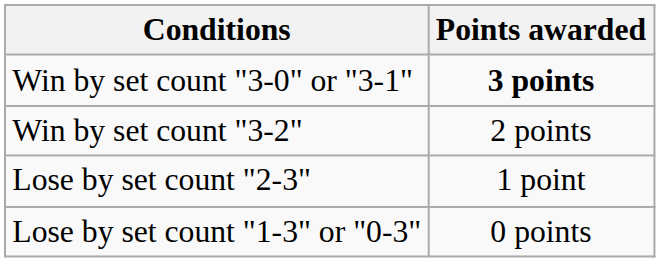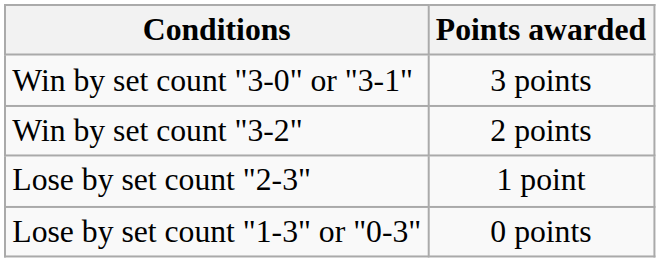 <table class="wikitable">
 <tr>
 <th>Conditions</th>
 <th>Points awarded</th>
 </tr>
 <tr>
 <td>Win by set count "3-0" or "3-1"</td>
-<td align="center"><strong>3 points</strong></td>
+<td align="center">3 points</td>
 </tr>
 <tr>
 <td>Win by set count "3-2"</td>
 <td align="center">2 points</td>
 </tr>
 <tr>
 <td>Lose by set count "2-3"</td>
 <td align="center">1 point</td>
 </tr>
 <tr>
 <td>Lose by set count "1-3" or "0-3"</td>
 <td align="center">0 points</td>
 </tr>
 </table>
